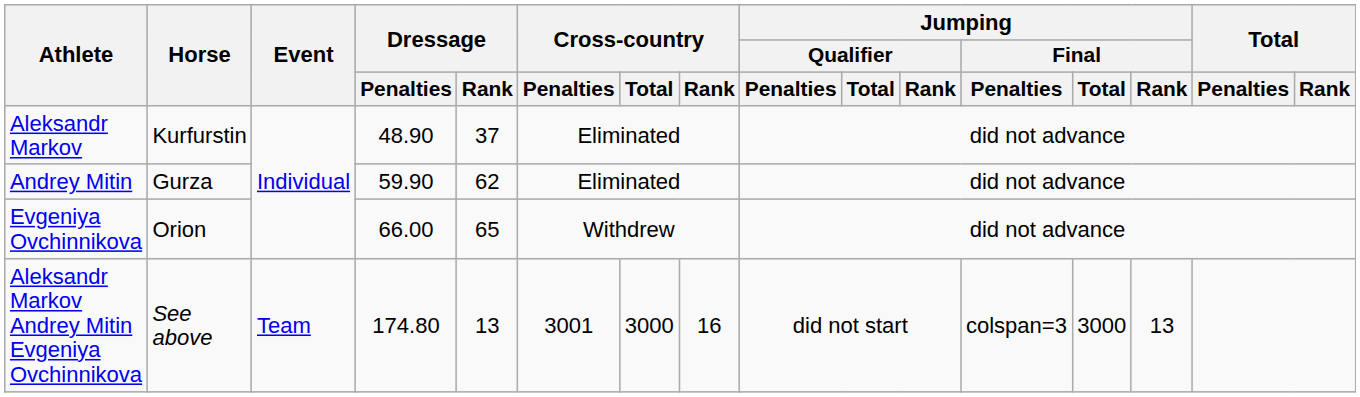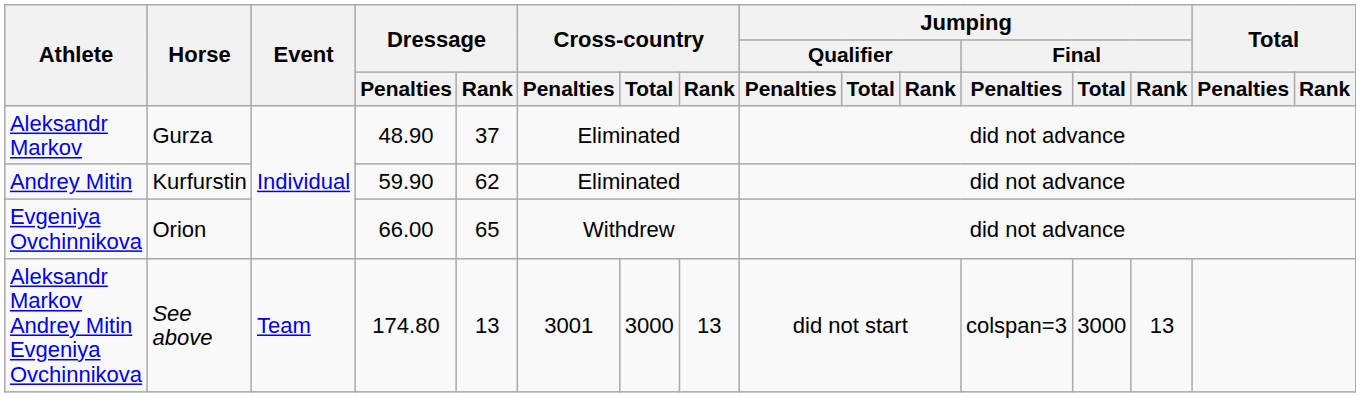 <table class=wikitable style="font-size:90%">
 <tr>
 <th rowspan="3">Athlete</th>
 <th rowspan="3">Horse</th>
 <th rowspan="3">Event</th>
 <th colspan="2" rowspan="2">Dressage</th>
 <th colspan="3" rowspan="2">Cross-country</th>
 <th colspan="6">Jumping</th>
 <th colspan="2" rowspan="2">Total</th>
 </tr>
 <tr style="font-size:95%">
 <th colspan="3">Qualifier</th>
 <th colspan="3">Final</th>
 </tr>
 <tr style="font-size:95%">
 <th>Penalties</th>
 <th>Rank</th>
 <th>Penalties</th>
 <th>Total</th>
 <th>Rank</th>
 <th>Penalties</th>
 <th>Total</th>
 <th>Rank</th>
 <th>Penalties</th>
 <th>Total</th>
 <th>Rank</th>
 <th>Penalties</th>
 <th>Rank</th>
 </tr>
 <tr align=center>
 <td align=left><a href='#'>Aleksandr Markov</a></td>
-<td align=left>Kurfurstin</td>
+<td align=left>Gurza</td>
 <td align=left rowspan=3><a href='#'>Individual</a></td>
 <td>48.90</td>
 <td>37</td>
 <td colspan=3>Eliminated</td>
 <td colspan=8>did not advance</td>
 </tr>
 <tr align=center>
 <td align=left><a href='#'>Andrey Mitin</a></td>
-<td align=left>Gurza</td>
+<td align=left>Kurfurstin</td>
 <td>59.90</td>
 <td>62</td>
 <td colspan=3>Eliminated</td>
 <td colspan=8>did not advance</td>
 </tr>
 <tr align=center>
 <td align=left><a href='#'>Evgeniya Ovchinnikova</a></td>
 <td align=left>Orion</td>
 <td>66.00</td>
 <td>65</td>
 <td colspan=3>Withdrew</td>
 <td colspan=8>did not advance</td>
 </tr>
 <tr align=center>
 <td align=left><a href='#'>Aleksandr Markov</a><br><a href='#'>Andrey Mitin</a><br><a href='#'>Evgeniya Ovchinnikova</a></td>
 <td align=left><em>See above</em></td>
 <td align=left><a href='#'>Team</a></td>
 <td>174.80</td>
 <td>13</td>
 <td>3001</td>
 <td>3000</td>
-<td>16</td>
+<td>13</td>
 <td colspan=3>did not start</td>
 <td>colspan=3 </td>
 <td>3000</td>
 <td>13</td>
 </tr>
 </table>
